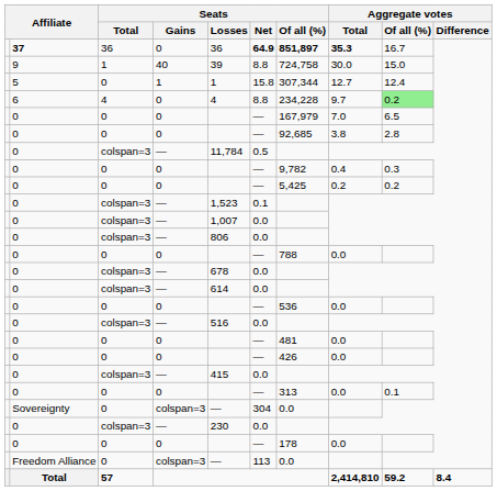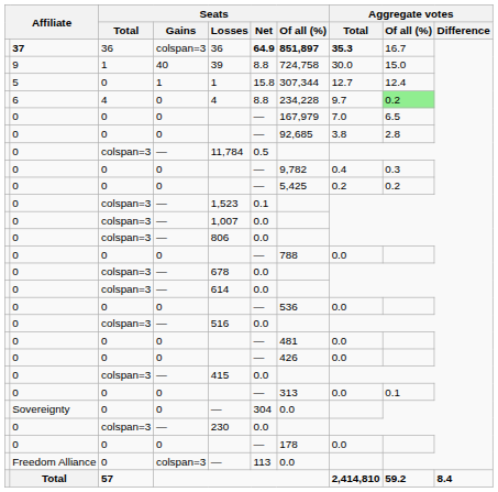 <table class="wikitable sortable defaultright col2left" style="font-size:95%;">
 <tr>
 <th colspan="2" rowspan="2">Affiliate</th>
 <th colspan="5">Seats</th>
 <th colspan="3">Aggregate votes</th>
 </tr>
 <tr>
 <th>Total</th>
 <th>Gains</th>
 <th>Losses</th>
 <th>Net</th>
 <th>Of all (%)</th>
 <th>Total</th>
 <th>Of all (%)</th>
 <th>Differ­ence</th>
 </tr>
 <tr>
 <td></td>
 <td><strong>37</strong></td>
 <td>36</td>
-<td>0</td>
+<td>colspan=3   </td>
 <td>36</td>
 <td><strong>64.9</strong></td>
 <td><strong>851,897</strong></td>
 <td><strong>35.3</strong></td>
 <td>16.7</td>
 </tr>
 <tr>
 <td></td>
 <td>9</td>
 <td>1</td>
 <td>40</td>
 <td>39</td>
 <td>8.8</td>
 <td>724,758</td>
 <td>30.0</td>
 <td>15.0</td>
 </tr>
 <tr>
 <td></td>
 <td>5</td>
 <td>0</td>
 <td>1</td>
 <td>1</td>
 <td>15.8</td>
 <td>307,344</td>
 <td>12.7</td>
 <td>12.4</td>
 </tr>
 <tr>
 <td></td>
 <td>6</td>
 <td>4</td>
 <td>0</td>
 <td>4</td>
 <td>8.8</td>
 <td>234,228</td>
 <td>9.7</td>
 <td style="background: lightgreen;">0.2</td>
 </tr>
 <tr>
 <td></td>
 <td>0</td>
 <td>0</td>
 <td>0</td>
 <td></td>
 <td>—</td>
 <td>167,979</td>
 <td>7.0</td>
 <td>6.5</td>
 </tr>
 <tr>
 <td></td>
 <td>0</td>
 <td>0</td>
 <td>0</td>
 <td></td>
 <td>—</td>
 <td>92,685</td>
 <td>3.8</td>
 <td>2.8</td>
 </tr>
 <tr>
 <td></td>
 <td>0</td>
 <td>colspan=3   </td>
 <td>—</td>
 <td>11,784</td>
 <td>0.5</td>
 <td></td>
 </tr>
 <tr>
 <td></td>
 <td>0</td>
 <td>0</td>
 <td>0</td>
 <td></td>
 <td>—</td>
 <td>9,782</td>
 <td>0.4</td>
 <td>0.3</td>
 </tr>
 <tr>
 <td></td>
 <td>0</td>
 <td>0</td>
 <td>0</td>
 <td></td>
 <td>—</td>
 <td>5,425</td>
 <td>0.2</td>
 <td>0.2</td>
 </tr>
 <tr>
 <td></td>
 <td>0</td>
 <td>colspan=3   </td>
 <td>—</td>
 <td>1,523</td>
 <td>0.1</td>
 <td></td>
 </tr>
 <tr>
 <td></td>
 <td>0</td>
 <td>colspan=3   </td>
 <td>—</td>
 <td>1,007</td>
 <td>0.0</td>
 <td></td>
 </tr>
 <tr>
 <td></td>
 <td>0</td>
 <td>colspan=3   </td>
 <td>—</td>
 <td>806</td>
 <td>0.0</td>
 <td></td>
 </tr>
 <tr>
 <td></td>
 <td>0</td>
 <td>0</td>
 <td>0</td>
 <td></td>
 <td>—</td>
 <td>788</td>
 <td>0.0</td>
 <td></td>
 </tr>
 <tr>
 <td></td>
 <td>0</td>
 <td>colspan=3   </td>
 <td>—</td>
 <td>678</td>
 <td>0.0</td>
 <td></td>
 </tr>
 <tr>
 <td></td>
 <td>0</td>
 <td>colspan=3   </td>
 <td>—</td>
 <td>614</td>
 <td>0.0</td>
 <td></td>
 </tr>
 <tr>
 <td></td>
 <td>0</td>
 <td>0</td>
 <td>0</td>
 <td></td>
 <td>—</td>
 <td>536</td>
 <td>0.0</td>
 <td></td>
 </tr>
 <tr>
 <td></td>
 <td>0</td>
 <td>colspan=3   </td>
 <td>—</td>
 <td>516</td>
 <td>0.0</td>
 <td></td>
 </tr>
 <tr>
 <td></td>
 <td>0</td>
 <td>0</td>
 <td>0</td>
 <td></td>
 <td>—</td>
 <td>481</td>
 <td>0.0</td>
 <td></td>
 </tr>
 <tr>
 <td></td>
 <td>0</td>
 <td>0</td>
 <td>0</td>
 <td></td>
 <td>—</td>
 <td>426</td>
 <td>0.0</td>
 <td></td>
 </tr>
 <tr>
 <td></td>
 <td>0</td>
 <td>colspan=3   </td>
 <td>—</td>
 <td>415</td>
 <td>0.0</td>
 <td></td>
 </tr>
 <tr>
 <td></td>
 <td>0</td>
 <td>0</td>
 <td>0</td>
 <td></td>
 <td>—</td>
 <td>313</td>
 <td>0.0</td>
 <td>0.1</td>
 </tr>
 <tr>
 <td></td>
 <td>Sovereignty</td>
 <td>0</td>
-<td>colspan=3   </td>
+<td>0</td>
 <td>—</td>
 <td>304</td>
 <td>0.0</td>
 <td></td>
 </tr>
 <tr>
 <td></td>
 <td>0</td>
 <td>colspan=3   </td>
 <td>—</td>
 <td>230</td>
 <td>0.0</td>
 <td></td>
 </tr>
 <tr>
 <td></td>
 <td>0</td>
 <td>0</td>
 <td>0</td>
 <td></td>
 <td>—</td>
 <td>178</td>
 <td>0.0</td>
 <td></td>
 </tr>
 <tr>
 <td></td>
 <td>Freedom Alliance</td>
 <td>0</td>
 <td>colspan=3   </td>
 <td>—</td>
 <td>113</td>
 <td>0.0</td>
 <td></td>
 </tr>
 <tr class="sortbottom" style="font-weight:bold;">
 <td style="background-color:#f2f2f2;"></td>
 <th scope="row" style="background-color:#f2f2f2;">Total</th>
 <td>57</td>
 <td colspan="4"></td>
 <td>2,414,810</td>
 <td>59.2</td>
 <td> 8.4</td>
 </tr>
 </table>
